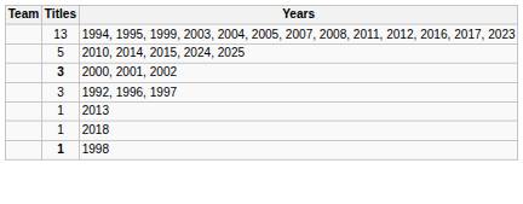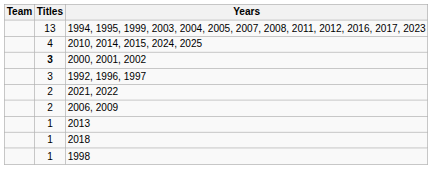 <table class="wikitable sortable" style="text-align:center">
 <tr>
 <th>Team</th>
 <th>Titles</th>
 <th>Years</th>
 </tr>
 <tr>
 <td style=><strong></strong></td>
 <td>13</td>
 <td align=left>1994, 1995, 1999, 2003, 2004, 2005, 2007, 2008, 2011, 2012, 2016, 2017, 2023</td>
 </tr>
 <tr>
 <td><strong></strong></td>
-<td>5</td>
+<td>4</td>
 <td align="left">2010, 2014, 2015, 2024, 2025</td>
 </tr>
 <tr>
 <td style=><strong></strong></td>
 <td><strong>3</strong></td>
 <td align=left>2000, 2001, 2002</td>
 </tr>
 <tr>
 <td style=><strong></strong></td>
 <td>3</td>
 <td align=left>1992, 1996, 1997</td>
 </tr>
 <tr>
 <td style=><strong></strong></td>
+<td>2</td>
+<td align=left>2021, 2022</td>
+</tr>
+<tr>
+<td style=><strong></strong></td>
+<td>2</td>
+<td align=left>2006, 2009</td>
+</tr>
+<tr>
+<td style=><strong></strong></td>
 <td>1</td>
 <td align=left>2013</td>
 </tr>
 <tr>
 <td style=><strong></strong></td>
 <td>1</td>
 <td align=left>2018</td>
 </tr>
 <tr>
 <td style=><strong></strong></td>
-<td><strong>1</strong></td>
+<td>1</td>
 <td align=left>1998</td>
 </tr>
 </table>
